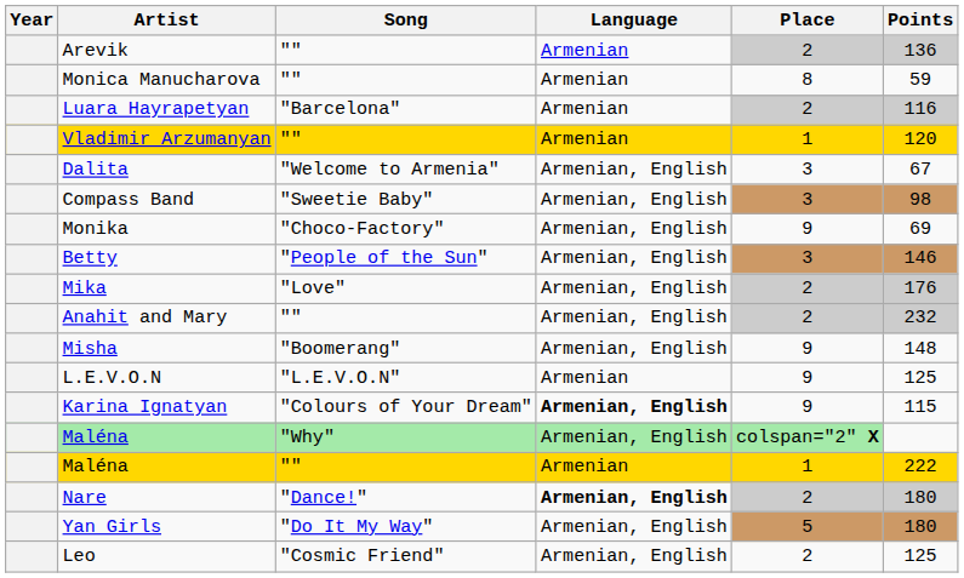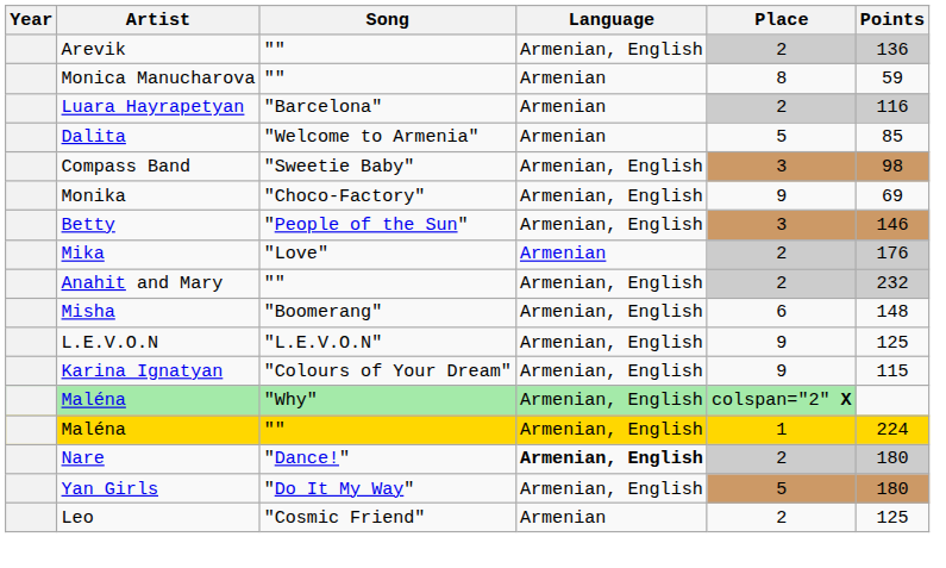 <table class="wikitable sortable plainrowheaders">
 <tr>
 <th scope="col">Year</th>
 <th scope="col">Artist</th>
 <th scope="col">Song</th>
 <th scope="col">Language</th>
 <th scope="col" data-sort-type="number">Place</th>
 <th scope="col" data-sort-type="number">Points</th>
 </tr>
 <tr>
 <th scope="row" style="text-align:center;"></th>
 <td>Arevik</td>
 <td>"" </td>
-<td><a href='#'>Armenian</a></td>
+<td>Armenian, English</td>
 <td style="text-align:center; background-color:#CCC;">2</td>
 <td style="text-align:center; background-color:#CCC;">136</td>
 </tr>
 <tr>
 <th scope="row" style="text-align:center;"></th>
 <td>Monica Manucharova</td>
 <td>"" </td>
 <td>Armenian</td>
 <td style="text-align:center;">8</td>
 <td style="text-align:center;">59</td>
 </tr>
 <tr>
 <th scope="row" style="text-align:center;"></th>
 <td><a href='#'>Luara Hayrapetyan</a></td>
 <td>"Barcelona" </td>
 <td>Armenian</td>
 <td style="text-align:center; background-color:#CCC;">2</td>
 <td style="text-align:center; background-color:#CCC;">116</td>
 </tr>
-<tr style="background-color:#FFD700;">
-<th scope="row" style="text-align:center;"></th>
-<td><a href='#'>Vladimir Arzumanyan</a></td>
-<td>"" </td>
-<td>Armenian</td>
-<td style="text-align:center;">1</td>
-<td style="text-align:center;">120</td>
-</tr>
 <tr>
 <th scope="row" style="text-align:center;"></th>
 <td><a href='#'>Dalita</a></td>
 <td>"Welcome to Armenia"</td>
-<td>Armenian, English</td>
-<td style="text-align:center;">3</td>
-<td style="text-align:center;">67</td>
+<td>Armenian</td>
+<td style="text-align:center;">5</td>
+<td style="text-align:center;">85</td>
 </tr>
 <tr>
 <th scope="row" style="text-align:center;"></th>
 <td>Compass Band</td>
 <td>"Sweetie Baby"</td>
 <td>Armenian, English</td>
 <td style="text-align:center; background-color:#C96;">3</td>
 <td style="text-align:center; background-color:#C96;">98</td>
 </tr>
 <tr>
 <th scope="row" style="text-align:center;"></th>
 <td>Monika</td>
 <td>"Choco-Factory"</td>
 <td>Armenian, English</td>
 <td style="text-align:center;">9</td>
 <td style="text-align:center;">69</td>
 </tr>
 <tr>
 <th scope="row" style="text-align:center;"></th>
 <td><a href='#'>Betty</a></td>
 <td>"<a href='#'>People of the Sun</a>"</td>
 <td>Armenian, English</td>
 <td style="text-align:center; background-color:#C96;">3</td>
 <td style="text-align:center; background-color:#C96;">146</td>
 </tr>
 <tr>
 <th scope="row" style="text-align:center;"></th>
 <td><a href='#'>Mika</a></td>
 <td>"Love"</td>
-<td>Armenian, English</td>
+<td><a href='#'>Armenian</a></td>
 <td style="text-align:center; background-color:#CCC;">2</td>
 <td style="text-align:center; background-color:#CCC;">176</td>
 </tr>
 <tr>
 <th scope="row" style="text-align:center;"></th>
 <td><a href='#'>Anahit</a> and Mary</td>
 <td>"" </td>
 <td>Armenian, English</td>
 <td style="text-align:center; background-color:#CCC;">2</td>
 <td style="text-align:center; background-color:#CCC;">232</td>
 </tr>
 <tr>
 <th scope="row" style="text-align:center;"></th>
 <td><a href='#'>Misha</a></td>
 <td>"Boomerang"</td>
 <td>Armenian, English</td>
-<td style="text-align:center;">9</td>
+<td style="text-align:center;">6</td>
 <td style="text-align:center;">148</td>
 </tr>
 <tr>
 <th scope="row" style="text-align:center;"></th>
 <td>L.E.V.O.N</td>
 <td>"L.E.V.O.N"</td>
-<td>Armenian</td>
+<td>Armenian, English</td>
 <td style="text-align:center;">9</td>
 <td style="text-align:center;">125</td>
 </tr>
 <tr>
 <th scope="row" style="text-align:center;"></th>
 <td><a href='#'>Karina Ignatyan</a></td>
 <td>"Colours of Your Dream"</td>
-<td><strong>Armenian, English</strong></td>
+<td>Armenian, English</td>
 <td style="text-align:center;">9</td>
 <td style="text-align:center;">115</td>
 </tr>
 <tr style="background-color:#A4EAA9;">
 <th scope="row" style="text-align:center;"></th>
 <td><a href='#'>Maléna</a></td>
 <td>"Why"</td>
 <td>Armenian, English</td>
 <td>colspan="2"  <strong>X</strong></td>
 </tr>
 <tr style="background-color:#FFD700;">
 <th scope="row" style="text-align:center;"></th>
 <td>Maléna</td>
 <td>"" </td>
-<td>Armenian</td>
+<td>Armenian, English</td>
 <td style="text-align:center;">1</td>
-<td style="text-align:center;">222</td>
+<td style="text-align:center;">224</td>
 </tr>
 <tr>
 <th scope="row" style="text-align:center;"></th>
 <td><a href='#'>Nare</a></td>
 <td>"<a href='#'>Dance!</a>"</td>
 <td><strong>Armenian, English</strong></td>
 <td style="text-align:center; background-color:#CCC;">2</td>
 <td style="text-align:center; background-color:#CCC;">180</td>
 </tr>
 <tr>
 <th scope="row" style="text-align:center;"></th>
 <td><a href='#'>Yan Girls</a></td>
 <td>"<a href='#'>Do It My Way</a>"</td>
 <td>Armenian, English</td>
 <td style="text-align:center; background-color:#C96;">5</td>
 <td style="text-align:center; background-color:#C96;">180</td>
 </tr>
 <tr>
 <th scope="row" style="text-align:center;"></th>
 <td>Leo</td>
 <td>"Cosmic Friend"</td>
-<td>Armenian, English</td>
+<td>Armenian</td>
 <td style="text-align:center;">2</td>
 <td style="text-align:center;">125</td>
 </tr>
 </table>
